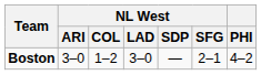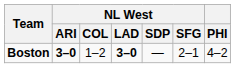 <table class="wikitable" style="text-align:center; font-size: 95%;">
 <tr>
 <th rowspan=2>Team</th>
 <th colspan=5>NL West</th>
 <th> </th>
 </tr>
 <tr>
 <th>ARI</th>
 <th>COL</th>
 <th>LAD</th>
 <th>SDP</th>
 <th>SFG</th>
 <th>PHI</th>
 </tr>
 <tr>
 <td><strong>Boston</strong></td>
-<td>3–0</td>
+<td><strong>3–0</strong></td>
 <td>1–2</td>
-<td>3–0</td>
+<td><strong>3–0</strong></td>
 <td>—</td>
 <td>2–1</td>
 <td>4–2</td>
 </tr>
 </table>
